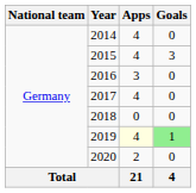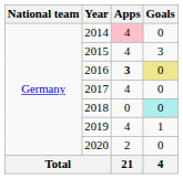 <table class="wikitable" style="text-align:center">
 <tr>
 <th>National team</th>
 <th>Year</th>
 <th>Apps</th>
 <th>Goals</th>
 </tr>
 <tr>
 <td rowspan="7"><a href='#'>Germany</a></td>
 <td>2014</td>
-<td>4</td>
+<td style="background: pink;">4</td>
 <td>0</td>
 </tr>
 <tr>
 <td>2015</td>
 <td>4</td>
 <td>3</td>
 </tr>
 <tr>
 <td>2016</td>
-<td>3</td>
-<td>0</td>
+<td><strong>3</strong></td>
+<td style="background: khaki;">0</td>
 </tr>
 <tr>
 <td>2017</td>
 <td>4</td>
 <td>0</td>
 </tr>
 <tr>
 <td>2018</td>
 <td>0</td>
-<td>0</td>
+<td style="background: paleturquoise;">0</td>
 </tr>
 <tr>
 <td>2019</td>
-<td style="background: lightyellow;">4</td>
-<td style="background: lightgreen;">1</td>
+<td>4</td>
+<td>1</td>
 </tr>
 <tr>
 <td>2020</td>
 <td>2</td>
 <td>0</td>
 </tr>
 <tr>
 <th colspan="2">Total</th>
 <th>21</th>
 <th>4</th>
 </tr>
 </table>
